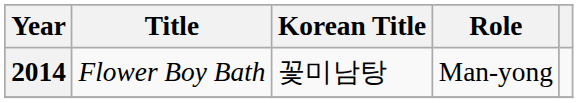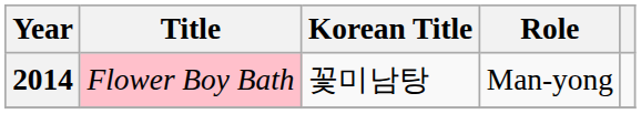 <table class="wikitable sortable plainrowheaders">
 <tr>
 <th scope="col">Year</th>
 <th scope="col">Title</th>
 <th scope="col">Korean Title</th>
 <th scope="col">Role</th>
 <th scope="col" class="unsortable"></th>
 </tr>
 <tr>
 <th scope="row">2014</th>
-<td><em>Flower Boy Bath</em></td>
+<td style="background: pink;"><em>Flower Boy Bath</em></td>
 <td>꽃미남탕</td>
 <td>Man-yong</td>
 <td></td>
 </tr>
 <tr>
 </tr>
 </table>
